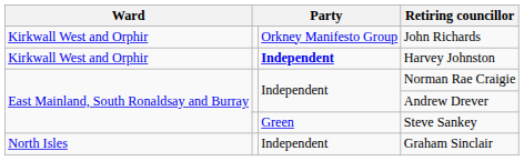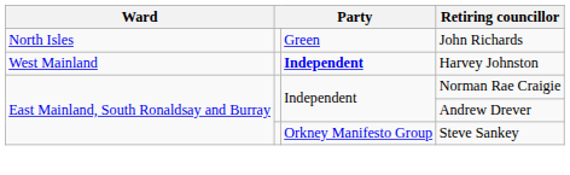 <table class="wikitable sortable">
 <tr>
 <th>Ward</th>
 <th colspan="2">Party</th>
 <th>Retiring councillor</th>
 </tr>
 <tr>
-<td><a href='#'>Kirkwall West and Orphir</a></td>
+<td><a href='#'>North Isles</a></td>
 <td style="background-color: "></td>
-<td><a href='#'>Orkney Manifesto Group</a></td>
+<td><a href='#'>Green</a></td>
 <td>John Richards</td>
 </tr>
 <tr>
-<td><a href='#'>Kirkwall West and Orphir</a></td>
+<td><a href='#'>West Mainland</a></td>
 <td style="background-color: "></td>
 <td><strong><a href='#'>Independent</a></strong></td>
 <td>Harvey Johnston</td>
 </tr>
 <tr>
 <td rowspan="3"><a href='#'>East Mainland, South Ronaldsay and Burray</a></td>
 <td rowspan="2" style="background-color: "></td>
 <td rowspan="2">Independent</td>
 <td>Norman Rae Craigie</td>
 </tr>
 <tr>
 <td>Andrew Drever</td>
 </tr>
 <tr>
 <td style="background-color: "></td>
-<td><a href='#'>Green</a></td>
+<td><a href='#'>Orkney Manifesto Group</a></td>
 <td>Steve Sankey</td>
 </tr>
-<tr>
-<td><a href='#'>North Isles</a></td>
-<td style="background-color: "></td>
-<td>Independent</td>
-<td>Graham Sinclair</td>
-</tr>
 </table>
